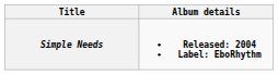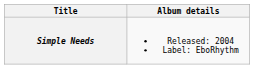 <table class="wikitable plainrowheaders" style="text-align:center;">
 <tr>
 <th scope="col" style="width:15em;">Title</th>
 <th scope="col" style="width:15em;">Album details</th>
 </tr>
 <tr>
 <th scope="row"><em>Simple Needs</em></th>
-<td><strong><br><ul><li>Released: 2004</li><li>Label: EboRhythm</li></ul></strong></td>
+<td><br><ul><li>Released: 2004</li><li>Label: EboRhythm</li></ul></td>
 </tr>
 </table>
